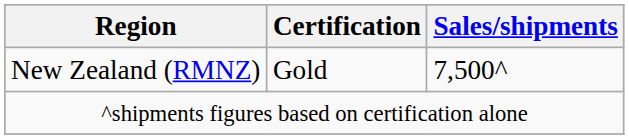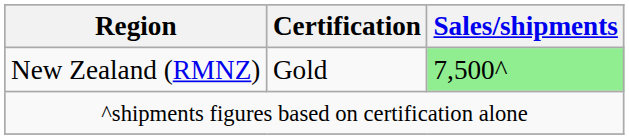 <table class="wikitable">
 <tr>
 <th>Region</th>
 <th>Certification</th>
 <th><a href='#'>Sales/shipments</a></th>
 </tr>
 <tr>
 <td>New Zealand (<a href='#'>RMNZ</a>)</td>
 <td>Gold </td>
-<td>7,500^</td>
+<td style="background: lightgreen;">7,500^</td>
 </tr>
 <tr>
 <td colspan="3"  align="center"><small>^shipments figures based on certification alone</small></td>
 </tr>
 </table>
